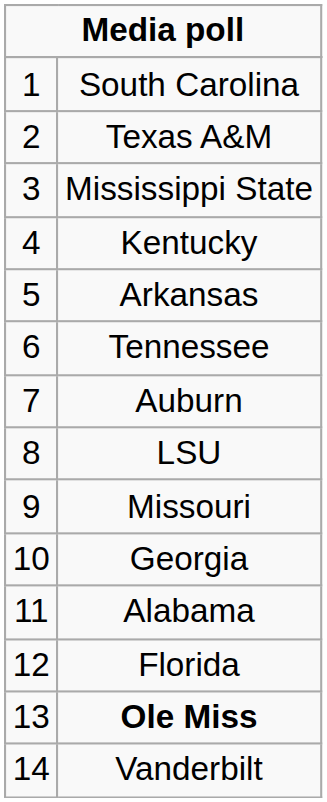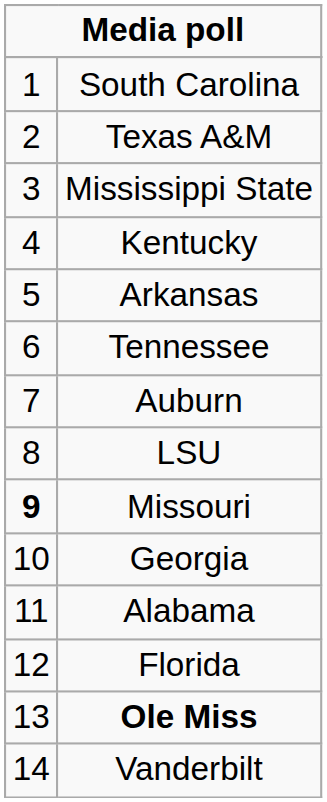 <table class="wikitable">
 <tr align="center">
 <td align="center" Colspan="3"><strong>Media poll</strong></td>
 </tr>
 <tr align="center">
 </tr>
 <tr align="center">
 <td>1</td>
 <td>South Carolina</td>
 </tr>
 <tr align="center">
 <td>2</td>
 <td>Texas A&M</td>
 </tr>
 <tr align="center">
 <td>3</td>
 <td>Mississippi State</td>
 </tr>
 <tr align="center">
 <td>4</td>
 <td>Kentucky</td>
 </tr>
 <tr align="center">
 <td>5</td>
 <td>Arkansas</td>
 </tr>
 <tr align="center">
 <td>6</td>
 <td>Tennessee</td>
 </tr>
 <tr align="center">
 <td>7</td>
 <td>Auburn</td>
 </tr>
 <tr align="center">
 <td>8</td>
 <td>LSU</td>
 </tr>
 <tr align="center">
-<td>9</td>
+<td><strong>9</strong></td>
 <td>Missouri</td>
 </tr>
 <tr align="center">
 <td>10</td>
 <td>Georgia</td>
 </tr>
 <tr align="center">
 <td>11</td>
 <td>Alabama</td>
 </tr>
 <tr align="center">
 <td>12</td>
 <td>Florida</td>
 </tr>
 <tr align="center">
 <td>13</td>
 <td><strong>Ole Miss</strong></td>
 </tr>
 <tr align="center">
 <td>14</td>
 <td>Vanderbilt</td>
 </tr>
 </table>
